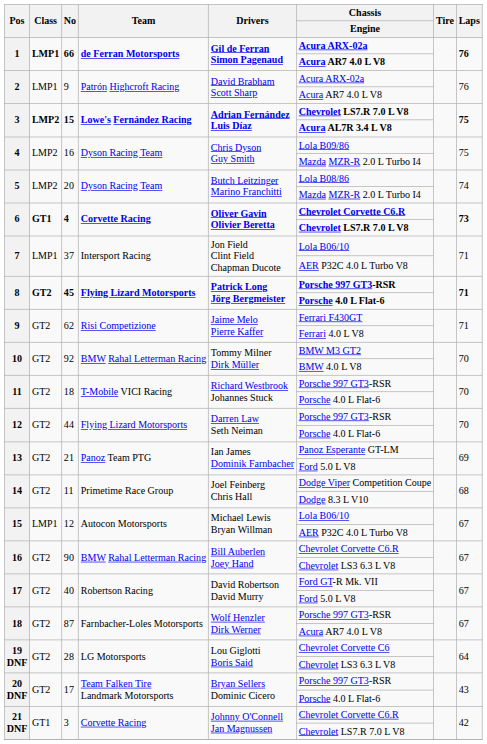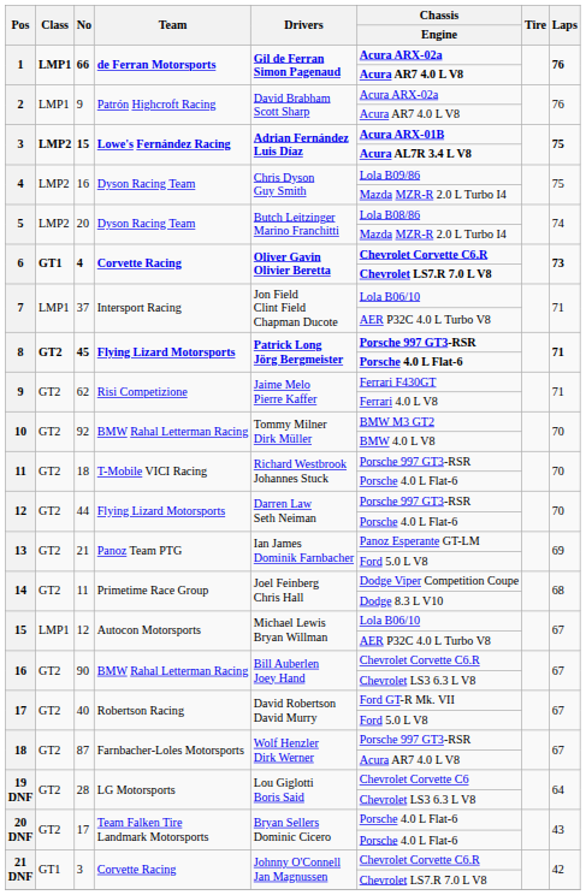 <table class="wikitable" style="font-size: 95%;">
 <tr>
 <th rowspan=2>Pos</th>
 <th rowspan=2>Class</th>
 <th rowspan=2>No</th>
 <th rowspan=2>Team</th>
 <th rowspan=2>Drivers</th>
 <th>Chassis</th>
 <th rowspan=2>Tire</th>
 <th rowspan=2>Laps</th>
 </tr>
 <tr>
 <th>Engine</th>
 </tr>
 <tr style="font-weight:bold">
 <th rowspan=2>1</th>
 <td rowspan=2>LMP1</td>
 <td rowspan=2>66</td>
 <td rowspan=2> <a href='#'>de Ferran Motorsports</a></td>
 <td rowspan=2> <a href='#'>Gil de Ferran</a><br> <a href='#'>Simon Pagenaud</a></td>
 <td><a href='#'>Acura ARX-02a</a></td>
 <td rowspan=2></td>
 <td rowspan=2>76</td>
 </tr>
 <tr style="font-weight:bold">
 <td><a href='#'>Acura</a> AR7 4.0 L V8</td>
 </tr>
 <tr>
 <th rowspan=2>2</th>
 <td rowspan=2>LMP1</td>
 <td rowspan=2>9</td>
 <td rowspan=2> <a href='#'>Patrón</a> <a href='#'>Highcroft Racing</a></td>
 <td rowspan=2> <a href='#'>David Brabham</a><br> <a href='#'>Scott Sharp</a></td>
 <td><a href='#'>Acura ARX-02a</a></td>
 <td rowspan=2></td>
 <td rowspan=2>76</td>
 </tr>
 <tr>
 <td><a href='#'>Acura</a> AR7 4.0 L V8</td>
 </tr>
 <tr style="font-weight:bold">
 <th rowspan=2>3</th>
 <td rowspan=2>LMP2</td>
 <td rowspan=2>15</td>
 <td rowspan=2> <a href='#'>Lowe's</a> <a href='#'>Fernández Racing</a></td>
 <td rowspan=2> <a href='#'>Adrian Fernández</a><br> <a href='#'>Luis Díaz</a></td>
-<td><a href='#'>Chevrolet</a> LS7.R 7.0 L V8</td>
+<td><a href='#'>Acura ARX-01B</a></td>
 <td rowspan=2></td>
 <td rowspan=2>75</td>
 </tr>
 <tr style="font-weight:bold">
 <td><a href='#'>Acura</a> AL7R 3.4 L V8</td>
 </tr>
 <tr>
 <th rowspan=2>4</th>
 <td rowspan=2>LMP2</td>
 <td rowspan=2>16</td>
 <td rowspan=2> <a href='#'>Dyson Racing Team</a></td>
 <td rowspan=2> <a href='#'>Chris Dyson</a><br> <a href='#'>Guy Smith</a></td>
 <td><a href='#'>Lola B09/86</a></td>
 <td rowspan=2></td>
 <td rowspan=2>75</td>
 </tr>
 <tr>
 <td><a href='#'>Mazda</a> <a href='#'>MZR-R</a> 2.0 L Turbo I4</td>
 </tr>
 <tr>
 <th rowspan=2>5</th>
 <td rowspan=2>LMP2</td>
 <td rowspan=2>20</td>
 <td rowspan=2> <a href='#'>Dyson Racing Team</a></td>
 <td rowspan=2> <a href='#'>Butch Leitzinger</a><br> <a href='#'>Marino Franchitti</a></td>
 <td><a href='#'>Lola B08/86</a></td>
 <td rowspan=2></td>
 <td rowspan=2>74</td>
 </tr>
 <tr>
 <td><a href='#'>Mazda</a> <a href='#'>MZR-R</a> 2.0 L Turbo I4</td>
 </tr>
 <tr style="font-weight:bold">
 <th rowspan=2>6</th>
 <td rowspan=2>GT1</td>
 <td rowspan=2>4</td>
 <td rowspan=2> <a href='#'>Corvette Racing</a></td>
 <td rowspan=2> <a href='#'>Oliver Gavin</a><br> <a href='#'>Olivier Beretta</a></td>
 <td><a href='#'>Chevrolet Corvette C6.R</a></td>
 <td rowspan=2></td>
 <td rowspan=2>73</td>
 </tr>
 <tr style="font-weight:bold">
 <td><a href='#'>Chevrolet</a> LS7.R 7.0 L V8</td>
 </tr>
 <tr>
 <th rowspan=2>7</th>
 <td rowspan=2>LMP1</td>
 <td rowspan=2>37</td>
 <td rowspan=2> Intersport Racing</td>
 <td rowspan=2> Jon Field<br> Clint Field<br> Chapman Ducote</td>
 <td><a href='#'>Lola B06/10</a></td>
 <td rowspan=2></td>
 <td rowspan=2>71</td>
 </tr>
 <tr>
 <td><a href='#'>AER</a> P32C 4.0 L Turbo V8</td>
 </tr>
 <tr style="font-weight:bold">
 <th rowspan=2>8</th>
 <td rowspan=2>GT2</td>
 <td rowspan=2>45</td>
 <td rowspan=2> <a href='#'>Flying Lizard Motorsports</a></td>
 <td rowspan=2> <a href='#'>Patrick Long</a><br> <a href='#'>Jörg Bergmeister</a></td>
 <td><a href='#'>Porsche 997 GT3</a>-RSR</td>
 <td rowspan=2></td>
 <td rowspan=2>71</td>
 </tr>
 <tr style="font-weight:bold">
 <td><a href='#'>Porsche</a> 4.0 L Flat-6</td>
 </tr>
 <tr>
 <th rowspan=2>9</th>
 <td rowspan=2>GT2</td>
 <td rowspan=2>62</td>
 <td rowspan=2> <a href='#'>Risi Competizione</a></td>
 <td rowspan=2> <a href='#'>Jaime Melo</a><br> <a href='#'>Pierre Kaffer</a></td>
 <td><a href='#'>Ferrari F430GT</a></td>
 <td rowspan=2></td>
 <td rowspan=2>71</td>
 </tr>
 <tr>
 <td><a href='#'>Ferrari</a> 4.0 L V8</td>
 </tr>
 <tr>
 <th rowspan=2>10</th>
 <td rowspan=2>GT2</td>
 <td rowspan=2>92</td>
 <td rowspan=2> <a href='#'>BMW</a> <a href='#'>Rahal Letterman Racing</a></td>
 <td rowspan=2> Tommy Milner<br> <a href='#'>Dirk Müller</a></td>
 <td><a href='#'>BMW M3 GT2</a></td>
 <td rowspan=2></td>
 <td rowspan=2>70</td>
 </tr>
 <tr>
 <td><a href='#'>BMW</a> 4.0 L V8</td>
 </tr>
 <tr>
 <th rowspan=2>11</th>
 <td rowspan=2>GT2</td>
 <td rowspan=2>18</td>
 <td rowspan=2> <a href='#'>T-Mobile</a> VICI Racing</td>
 <td rowspan=2> <a href='#'>Richard Westbrook</a><br> Johannes Stuck</td>
 <td><a href='#'>Porsche 997 GT3</a>-RSR</td>
 <td rowspan=2></td>
 <td rowspan=2>70</td>
 </tr>
 <tr>
 <td><a href='#'>Porsche</a> 4.0 L Flat-6</td>
 </tr>
 <tr>
 <th rowspan=2>12</th>
 <td rowspan=2>GT2</td>
 <td rowspan=2>44</td>
 <td rowspan=2> <a href='#'>Flying Lizard Motorsports</a></td>
 <td rowspan=2> <a href='#'>Darren Law</a><br> Seth Neiman</td>
 <td><a href='#'>Porsche 997 GT3</a>-RSR</td>
 <td rowspan=2></td>
 <td rowspan=2>70</td>
 </tr>
 <tr>
 <td><a href='#'>Porsche</a> 4.0 L Flat-6</td>
 </tr>
 <tr>
 <th rowspan=2>13</th>
 <td rowspan=2>GT2</td>
 <td rowspan=2>21</td>
 <td rowspan=2> <a href='#'>Panoz</a> Team PTG</td>
 <td rowspan=2> Ian James<br> <a href='#'>Dominik Farnbacher</a></td>
 <td><a href='#'>Panoz Esperante</a> GT-LM</td>
 <td rowspan=2></td>
 <td rowspan=2>69</td>
 </tr>
 <tr>
 <td><a href='#'>Ford</a> 5.0 L V8</td>
 </tr>
 <tr>
 <th rowspan=2>14</th>
 <td rowspan=2>GT2</td>
 <td rowspan=2>11</td>
 <td rowspan=2> Primetime Race Group</td>
 <td rowspan=2> Joel Feinberg<br> Chris Hall</td>
 <td><a href='#'>Dodge Viper</a> Competition Coupe</td>
 <td rowspan=2></td>
 <td rowspan=2>68</td>
 </tr>
 <tr>
 <td><a href='#'>Dodge</a> 8.3 L V10</td>
 </tr>
 <tr>
 <th rowspan=2>15</th>
 <td rowspan=2>LMP1</td>
 <td rowspan=2>12</td>
 <td rowspan=2> Autocon Motorsports</td>
 <td rowspan=2> Michael Lewis<br> Bryan Willman</td>
 <td><a href='#'>Lola B06/10</a></td>
 <td rowspan=2></td>
 <td rowspan=2>67</td>
 </tr>
 <tr>
 <td><a href='#'>AER</a> P32C 4.0 L Turbo V8</td>
 </tr>
 <tr>
 <th rowspan=2>16</th>
 <td rowspan=2>GT2</td>
 <td rowspan=2>90</td>
 <td rowspan=2> <a href='#'>BMW</a> <a href='#'>Rahal Letterman Racing</a></td>
 <td rowspan=2> <a href='#'>Bill Auberlen</a><br> <a href='#'>Joey Hand</a></td>
 <td><a href='#'>Chevrolet Corvette C6.R</a></td>
 <td rowspan=2></td>
 <td rowspan=2>67</td>
 </tr>
 <tr>
 <td><a href='#'>Chevrolet</a> LS3 6.3 L V8</td>
 </tr>
 <tr>
 <th rowspan=2>17</th>
 <td rowspan=2>GT2</td>
 <td rowspan=2>40</td>
 <td rowspan=2> Robertson Racing</td>
 <td rowspan=2> David Robertson<br> David Murry</td>
 <td><a href='#'>Ford GT</a>-R Mk. VII</td>
 <td rowspan=2></td>
 <td rowspan=2>67</td>
 </tr>
 <tr>
 <td><a href='#'>Ford</a> 5.0 L V8</td>
 </tr>
 <tr>
 <th rowspan=2>18</th>
 <td rowspan=2>GT2</td>
 <td rowspan=2>87</td>
 <td rowspan=2> Farnbacher-Loles Motorsports</td>
 <td rowspan=2> <a href='#'>Wolf Henzler</a><br> <a href='#'>Dirk Werner</a></td>
 <td><a href='#'>Porsche 997 GT3</a>-RSR</td>
 <td rowspan=2></td>
 <td rowspan=2>67</td>
 </tr>
 <tr>
 <td><a href='#'>Acura</a> AR7 4.0 L V8</td>
 </tr>
 <tr>
 <th rowspan=2>19<br>DNF</th>
 <td rowspan=2>GT2</td>
 <td rowspan=2>28</td>
 <td rowspan=2> LG Motorsports</td>
 <td rowspan=2> Lou Giglotti<br> <a href='#'>Boris Said</a></td>
 <td><a href='#'>Chevrolet Corvette C6</a></td>
 <td rowspan=2></td>
 <td rowspan=2>64</td>
 </tr>
 <tr>
 <td><a href='#'>Chevrolet</a> LS3 6.3 L V8</td>
 </tr>
 <tr>
 <th rowspan=2>20<br>DNF</th>
 <td rowspan=2>GT2</td>
 <td rowspan=2>17</td>
 <td rowspan=2> <a href='#'>Team Falken Tire</a><br> Landmark Motorsports</td>
 <td rowspan=2> <a href='#'>Bryan Sellers</a><br> Dominic Cicero</td>
-<td><a href='#'>Porsche 997 GT3</a>-RSR</td>
+<td><a href='#'>Porsche</a> 4.0 L Flat-6</td>
 <td rowspan=2></td>
 <td rowspan=2>43</td>
 </tr>
 <tr>
 <td><a href='#'>Porsche</a> 4.0 L Flat-6</td>
 </tr>
 <tr>
 <th rowspan=2>21<br>DNF</th>
 <td rowspan=2>GT1</td>
 <td rowspan=2>3</td>
 <td rowspan=2> <a href='#'>Corvette Racing</a></td>
 <td rowspan=2> <a href='#'>Johnny O'Connell</a><br> <a href='#'>Jan Magnussen</a></td>
 <td><a href='#'>Chevrolet Corvette C6.R</a></td>
 <td rowspan=2></td>
 <td rowspan=2>42</td>
 </tr>
 <tr>
 <td><a href='#'>Chevrolet</a> LS7.R 7.0 L V8</td>
 </tr>
 <tr>
 </tr>
 </table>
